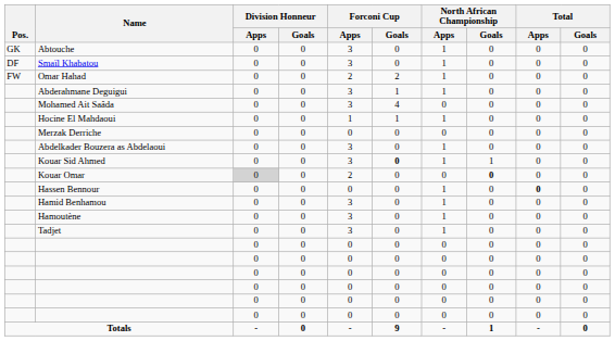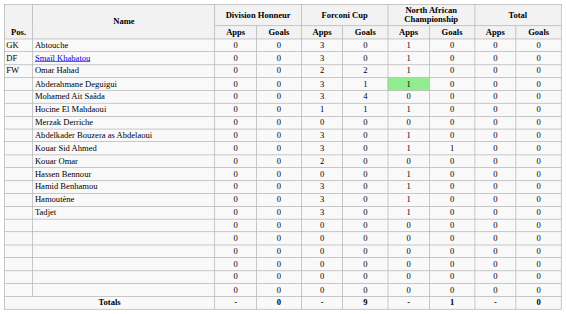 <table class="wikitable sortable alternance"  style="font-size:85%; text-align:center; line-height:14px; width:70%;">
 <tr>
 <th rowspan="2" valign="bottom">Pos.</th>
 <th rowspan="2">Name</th>
 <th colspan="2" width="85">Division Honneur</th>
 <th colspan="2" width="85">Forconi Cup</th>
 <th colspan="2" width="85">North African Championship</th>
 <th colspan="2" width="85">Total</th>
 </tr>
 <tr>
 <th>Apps</th>
 <th>Goals</th>
 <th>Apps</th>
 <th>Goals</th>
 <th>Apps</th>
 <th>Goals</th>
 <th>Apps</th>
 <th>Goals</th>
 </tr>
 <tr>
 <td align="left">GK</td>
 <td align="left"> Abtouche</td>
 <td>0</td>
 <td>0</td>
 <td>3</td>
 <td>0</td>
 <td>1</td>
 <td>0</td>
 <td>0</td>
 <td>0</td>
 </tr>
 <tr>
 <td align="left">DF</td>
 <td align="left"> <a href='#'>Smaïl Khabatou</a></td>
 <td>0</td>
 <td>0</td>
 <td>3</td>
 <td>0</td>
 <td>1</td>
 <td>0</td>
 <td>0</td>
 <td>0</td>
 </tr>
 <tr>
 <td align="left">FW</td>
 <td align="left"> Omar Hahad</td>
 <td>0</td>
 <td>0</td>
 <td>2</td>
 <td>2</td>
 <td>1</td>
 <td>0</td>
 <td>0</td>
 <td>0</td>
 </tr>
 <tr>
 <td align="left"></td>
 <td align="left"> Abderahmane Deguigui</td>
 <td>0</td>
 <td>0</td>
 <td>3</td>
 <td>1</td>
-<td>1</td>
+<td style="background: lightgreen;">1</td>
 <td>0</td>
 <td>0</td>
 <td>0</td>
 </tr>
 <tr>
 <td align="left"></td>
 <td align="left"> Mohamed Ait Saâda</td>
 <td>0</td>
 <td>0</td>
 <td>3</td>
 <td>4</td>
 <td>0</td>
 <td>0</td>
 <td>0</td>
 <td>0</td>
 </tr>
 <tr>
 <td align="left"></td>
 <td align="left"> Hocine El Mahdaoui</td>
 <td>0</td>
 <td>0</td>
 <td>1</td>
 <td>1</td>
 <td>1</td>
 <td>0</td>
 <td>0</td>
 <td>0</td>
 </tr>
 <tr>
 <td align="left"></td>
 <td align="left"> Merzak Derriche</td>
 <td>0</td>
 <td>0</td>
 <td>0</td>
 <td>0</td>
 <td>0</td>
 <td>0</td>
 <td>0</td>
 <td>0</td>
 </tr>
 <tr>
 <td align="left"></td>
 <td align="left"> Abdelkader Bouzera as Abdelaoui</td>
 <td>0</td>
 <td>0</td>
 <td>3</td>
 <td>0</td>
 <td>1</td>
 <td>0</td>
 <td>0</td>
 <td>0</td>
 </tr>
 <tr>
 <td align="left"></td>
 <td align="left"> Kouar Sid Ahmed</td>
 <td>0</td>
 <td>0</td>
 <td>3</td>
-<td><strong>0</strong></td>
+<td>0</td>
 <td>1</td>
 <td>1</td>
 <td>0</td>
 <td>0</td>
 </tr>
 <tr>
 <td align="left"></td>
 <td align="left"> Kouar Omar</td>
-<td style="background: lightgrey;">0</td>
+<td>0</td>
 <td>0</td>
 <td>2</td>
 <td>0</td>
 <td>0</td>
-<td><strong>0</strong></td>
+<td>0</td>
 <td>0</td>
 <td>0</td>
 </tr>
 <tr>
 <td align="left"></td>
 <td align="left"> Hassen Bennour</td>
 <td>0</td>
 <td>0</td>
 <td>0</td>
 <td>0</td>
 <td>1</td>
 <td>0</td>
-<td><strong>0</strong></td>
+<td>0</td>
 <td>0</td>
 </tr>
 <tr>
 <td align="left"></td>
 <td align="left"> Hamid Benhamou</td>
 <td>0</td>
 <td>0</td>
 <td>3</td>
 <td>0</td>
 <td>1</td>
 <td>0</td>
 <td>0</td>
 <td>0</td>
 </tr>
 <tr>
 <td align="left"></td>
 <td align="left"> Hamoutène</td>
 <td>0</td>
 <td>0</td>
 <td>3</td>
 <td>0</td>
 <td>1</td>
 <td>0</td>
 <td>0</td>
 <td>0</td>
 </tr>
 <tr>
 <td align="left"></td>
 <td align="left"> Tadjet</td>
 <td>0</td>
 <td>0</td>
 <td>3</td>
 <td>0</td>
 <td>1</td>
 <td>0</td>
 <td>0</td>
 <td>0</td>
 </tr>
 <tr>
 <td align="left"></td>
 <td align="left"></td>
 <td>0</td>
 <td>0</td>
 <td>0</td>
 <td>0</td>
 <td>0</td>
 <td>0</td>
 <td>0</td>
 <td>0</td>
 </tr>
 <tr>
 <td align="left"></td>
 <td align="left"></td>
 <td>0</td>
 <td>0</td>
 <td>0</td>
 <td>0</td>
 <td>0</td>
 <td>0</td>
 <td>0</td>
 <td>0</td>
 </tr>
 <tr>
 <td align="left"></td>
 <td align="left"></td>
 <td>0</td>
 <td>0</td>
 <td>0</td>
 <td>0</td>
 <td>0</td>
 <td>0</td>
 <td>0</td>
 <td>0</td>
 </tr>
 <tr>
 <td align="left"></td>
 <td align="left"></td>
 <td>0</td>
 <td>0</td>
 <td>0</td>
 <td>0</td>
 <td>0</td>
 <td>0</td>
 <td>0</td>
 <td>0</td>
 </tr>
 <tr>
 <td align="left"></td>
 <td align="left"></td>
 <td>0</td>
 <td>0</td>
 <td>0</td>
 <td>0</td>
 <td>0</td>
 <td>0</td>
 <td>0</td>
 <td>0</td>
 </tr>
 <tr>
 <td align="left"></td>
 <td align="left"></td>
 <td>0</td>
 <td>0</td>
 <td>0</td>
 <td>0</td>
 <td>0</td>
 <td>0</td>
 <td>0</td>
 <td>0</td>
 </tr>
 <tr class="sortbottom">
 <td colspan="2"><strong>Totals</strong></td>
 <td><strong>-</strong></td>
 <td><strong>0</strong></td>
 <td><strong>-</strong></td>
 <td><strong>9</strong></td>
 <td><strong>-</strong></td>
 <td><strong>1</strong></td>
 <td><strong>-</strong></td>
 <td><strong>0</strong></td>
 </tr>
 </table>
